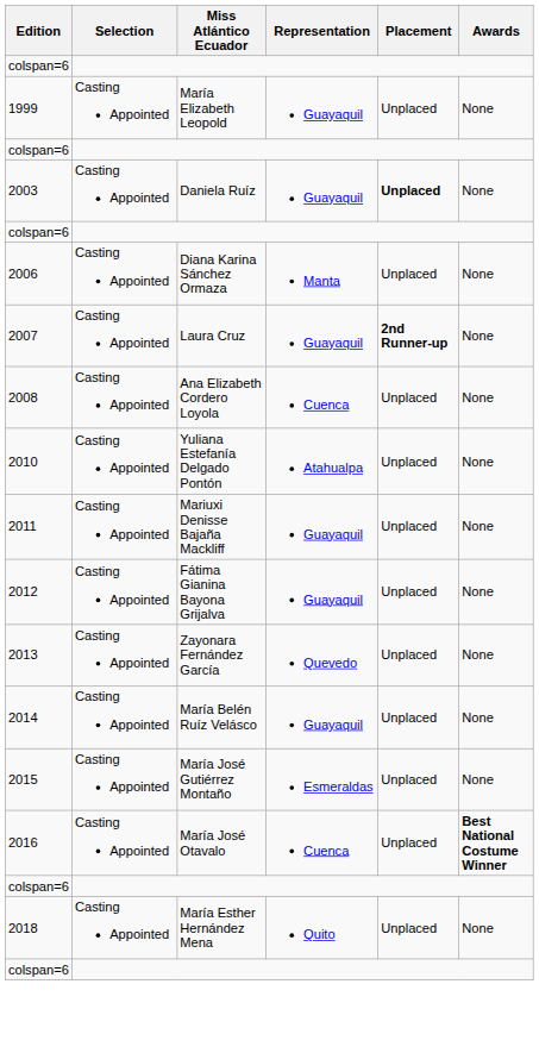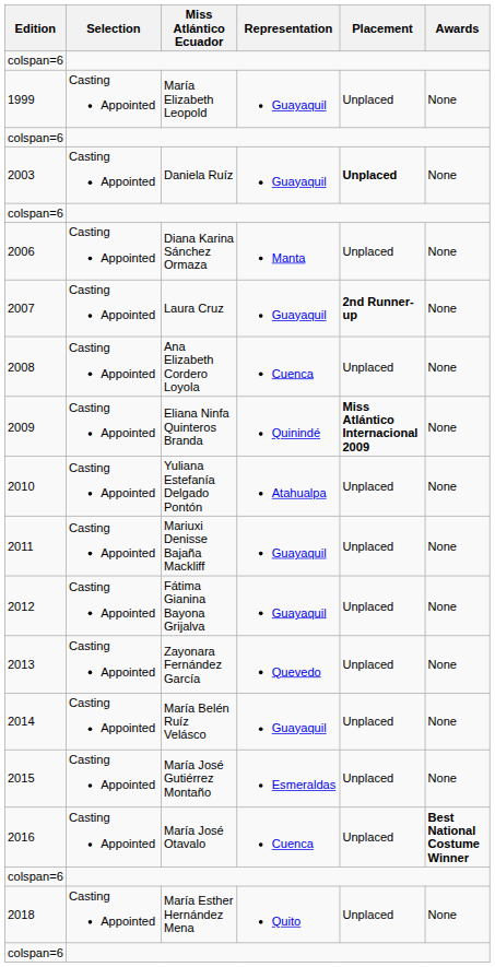 <table class="wikitable sortable" style="font-size: 95%">
 <tr>
 <th width="2">Edition</th>
 <th width="160">Selection</th>
 <th width="270">Miss Atlántico Ecuador</th>
 <th width="140">Representation</th>
 <th width="170">Placement</th>
 <th width="190">Awards</th>
 </tr>
 <tr>
 <td>colspan=6 </td>
 </tr>
 <tr>
 <td>1999</td>
 <td>Casting<br><ul><li>Appointed</li></ul></td>
 <td>María Elizabeth Leopold</td>
 <td><br><ul><li><a href='#'>Guayaquil</a></li></ul></td>
 <td>Unplaced</td>
 <td>None</td>
 </tr>
 <tr>
 <td>colspan=6 </td>
 </tr>
 <tr>
 <td>2003</td>
 <td>Casting<br><ul><li>Appointed</li></ul></td>
 <td>Daniela Ruíz</td>
 <td><br><ul><li><a href='#'>Guayaquil</a></li></ul></td>
 <td><strong>Unplaced</strong></td>
 <td>None</td>
 </tr>
 <tr>
 <td>colspan=6 </td>
 </tr>
 <tr>
 <td>2006</td>
 <td>Casting<br><ul><li>Appointed</li></ul></td>
 <td>Diana Karina Sánchez Ormaza</td>
 <td><br><ul><li><a href='#'>Manta</a></li></ul></td>
 <td>Unplaced</td>
 <td>None</td>
 </tr>
 <tr>
 <td>2007</td>
 <td>Casting<br><ul><li>Appointed</li></ul></td>
 <td>Laura Cruz</td>
 <td><br><ul><li><a href='#'>Guayaquil</a></li></ul></td>
 <td><strong>2nd Runner-up</strong></td>
 <td>None</td>
 </tr>
 <tr>
 <td>2008</td>
 <td>Casting<br><ul><li>Appointed</li></ul></td>
 <td>Ana Elizabeth Cordero Loyola</td>
 <td><br><ul><li><a href='#'>Cuenca</a></li></ul></td>
 <td>Unplaced</td>
+<td>None</td>
+</tr>
+<tr>
+<td>2009</td>
+<td>Casting<br><ul><li>Appointed</li></ul></td>
+<td>Eliana Ninfa Quinteros Branda</td>
+<td><br><ul><li><a href='#'>Quinindé</a></li></ul></td>
+<td><strong>Miss Atlántico Internacional 2009</strong></td>
 <td>None</td>
 </tr>
 <tr>
 <td>2010</td>
 <td>Casting<br><ul><li>Appointed</li></ul></td>
 <td>Yuliana Estefanía Delgado Pontón</td>
 <td><br><ul><li><a href='#'>Atahualpa</a></li></ul></td>
 <td>Unplaced</td>
 <td>None</td>
 </tr>
 <tr>
 <td>2011</td>
 <td>Casting<br><ul><li>Appointed</li></ul></td>
 <td>Mariuxi Denisse Bajaña Mackliff</td>
 <td><br><ul><li><a href='#'>Guayaquil</a></li></ul></td>
 <td>Unplaced</td>
 <td>None</td>
 </tr>
 <tr>
 <td>2012</td>
 <td>Casting<br><ul><li>Appointed</li></ul></td>
 <td>Fátima Gianina Bayona Grijalva</td>
 <td><br><ul><li><a href='#'>Guayaquil</a></li></ul></td>
 <td>Unplaced</td>
 <td>None</td>
 </tr>
 <tr>
 <td>2013</td>
 <td>Casting<br><ul><li>Appointed</li></ul></td>
 <td>Zayonara Fernández García</td>
 <td><br><ul><li><a href='#'>Quevedo</a></li></ul></td>
 <td>Unplaced</td>
 <td>None</td>
 </tr>
 <tr>
 <td>2014</td>
 <td>Casting<br><ul><li>Appointed</li></ul></td>
 <td>María Belén Ruíz Velásco</td>
 <td><br><ul><li><a href='#'>Guayaquil</a></li></ul></td>
 <td>Unplaced</td>
 <td>None</td>
 </tr>
 <tr>
 <td>2015</td>
 <td>Casting<br><ul><li>Appointed</li></ul></td>
 <td>María José Gutiérrez Montaño</td>
 <td><br><ul><li><a href='#'>Esmeraldas</a></li></ul></td>
 <td>Unplaced</td>
 <td>None</td>
 </tr>
 <tr>
 <td>2016</td>
 <td>Casting<br><ul><li>Appointed</li></ul></td>
 <td>María José Otavalo</td>
 <td><br><ul><li><a href='#'>Cuenca</a></li></ul></td>
 <td>Unplaced</td>
 <td><strong>Best National Costume<br>Winner</strong></td>
 </tr>
 <tr>
 <td>colspan=6 </td>
 </tr>
 <tr>
 <td>2018</td>
 <td>Casting<br><ul><li>Appointed</li></ul></td>
 <td>María Esther Hernández Mena</td>
 <td><br><ul><li><a href='#'>Quito</a></li></ul></td>
 <td>Unplaced</td>
 <td>None</td>
 </tr>
 <tr>
 <td>colspan=6 </td>
 </tr>
 </table>
